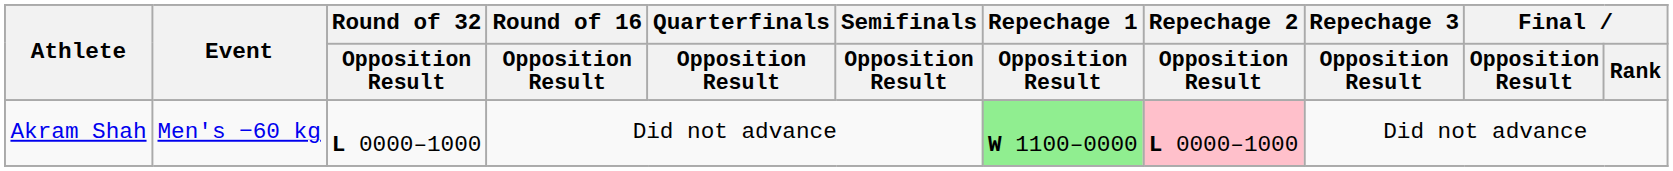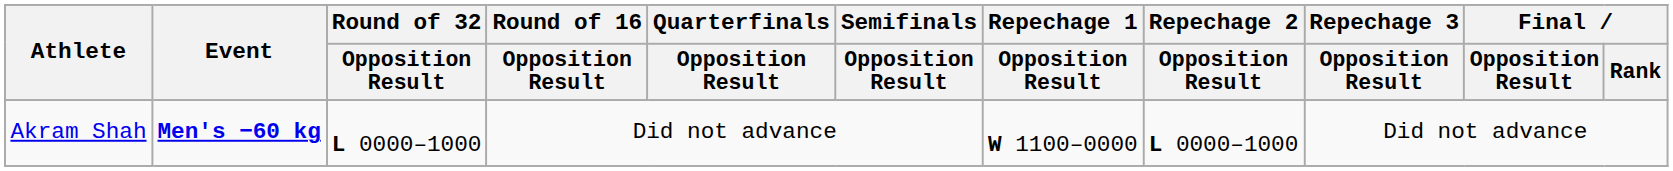 <table class="wikitable" style="font-size:90%">
 <tr>
 <th rowspan="2">Athlete</th>
 <th rowspan="2">Event</th>
 <th>Round of 32</th>
 <th>Round of 16</th>
 <th>Quarterfinals</th>
 <th>Semifinals</th>
 <th>Repechage 1</th>
 <th>Repechage 2</th>
 <th>Repechage 3</th>
 <th colspan=2>Final / </th>
 </tr>
 <tr style="font-size:95%">
 <th>Opposition<br>Result</th>
 <th>Opposition<br>Result</th>
 <th>Opposition<br>Result</th>
 <th>Opposition<br>Result</th>
 <th>Opposition<br>Result</th>
 <th>Opposition<br>Result</th>
 <th>Opposition<br>Result</th>
 <th>Opposition<br>Result</th>
 <th>Rank</th>
 </tr>
 <tr align=center>
 <td align=left><a href='#'>Akram Shah</a></td>
-<td align=left><a href='#'>Men's −60 kg</a></td>
+<td align=left><strong><a href='#'>Men's −60 kg</a></strong></td>
 <td><br><strong>L</strong> 0000–1000</td>
 <td colspan=3>Did not advance</td>
-<td style="background: lightgreen;"><br><strong>W</strong> 1100–0000</td>
-<td style="background: pink;"><br><strong>L</strong> 0000–1000</td>
+<td><br><strong>W</strong> 1100–0000</td>
+<td><br><strong>L</strong> 0000–1000</td>
 <td colspan=3>Did not advance</td>
 </tr>
 </table>
